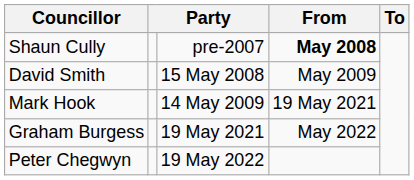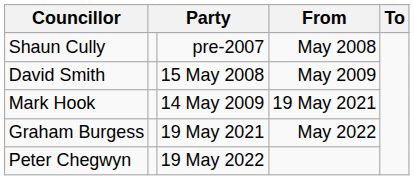 <table class=wikitable>
 <tr>
 <th>Councillor</th>
 <th colspan=2>Party</th>
 <th>From</th>
 <th>To</th>
 </tr>
 <tr>
 <td>Shaun Cully</td>
 <td></td>
 <td align=right>pre-2007</td>
-<td align=right><strong>May 2008</strong></td>
+<td align=right>May 2008</td>
 </tr>
 <tr>
 <td>David Smith</td>
 <td></td>
 <td align=right>15 May 2008</td>
 <td align=right>May 2009</td>
 </tr>
 <tr>
 <td>Mark Hook</td>
 <td></td>
 <td align=right>14 May 2009</td>
 <td align=right>19 May 2021</td>
 </tr>
 <tr>
 <td>Graham Burgess</td>
 <td></td>
 <td align=right>19 May 2021</td>
 <td align=right>May 2022</td>
 </tr>
 <tr>
 <td>Peter Chegwyn</td>
 <td></td>
 <td align=right>19 May 2022</td>
 <td></td>
 </tr>
 </table>
